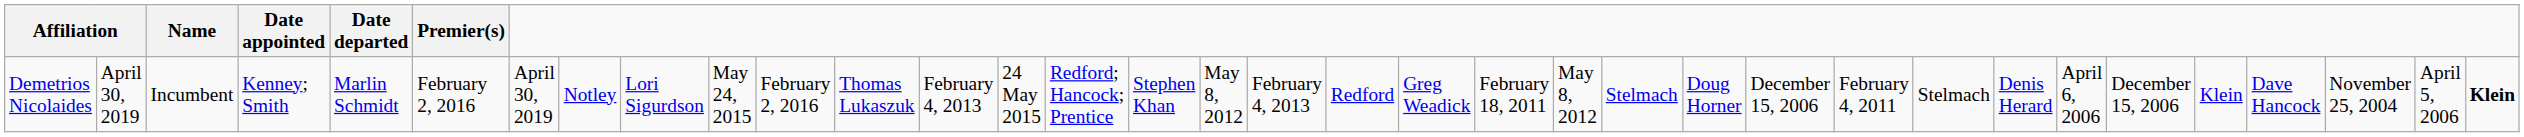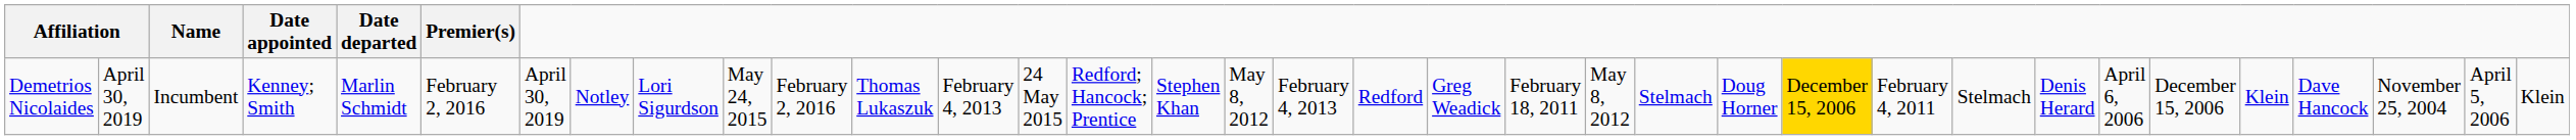 <table class="wikitable">
 <tr>
 <th colspan="2">Affiliation</th>
 <th>Name</th>
 <th>Date appointed</th>
 <th>Date departed</th>
 <th>Premier(s)</th>
 </tr>
 <tr>
 <td><a href='#'>Demetrios Nicolaides</a></td>
 <td>April 30, 2019</td>
 <td>Incumbent</td>
 <td><a href='#'>Kenney</a>; <a href='#'>Smith</a><br></td>
 <td><a href='#'>Marlin Schmidt</a></td>
 <td>February 2, 2016</td>
 <td>April 30, 2019</td>
 <td rowspan=2><a href='#'>Notley</a><br></td>
 <td><a href='#'>Lori Sigurdson</a></td>
 <td>May 24, 2015</td>
 <td>February 2, 2016<br></td>
 <td><a href='#'>Thomas Lukaszuk</a></td>
 <td>February 4, 2013</td>
 <td>24 May 2015</td>
 <td><a href='#'>Redford</a>; <a href='#'>Hancock</a>; <a href='#'>Prentice</a><br></td>
 <td><a href='#'>Stephen Khan</a></td>
 <td>May 8, 2012</td>
 <td>February 4, 2013</td>
 <td><a href='#'>Redford</a><br></td>
 <td><a href='#'>Greg Weadick</a></td>
 <td>February 18, 2011</td>
 <td>May 8, 2012</td>
 <td><a href='#'>Stelmach</a><br></td>
 <td><a href='#'>Doug Horner</a></td>
-<td>December 15, 2006</td>
+<td style="background: gold;">December 15, 2006</td>
 <td>February 4, 2011</td>
 <td>Stelmach<br></td>
 <td><a href='#'>Denis Herard</a></td>
 <td>April 6, 2006</td>
 <td>December 15, 2006</td>
 <td><a href='#'>Klein</a><br></td>
 <td><a href='#'>Dave Hancock</a></td>
 <td>November 25, 2004</td>
 <td>April 5, 2006</td>
-<td><strong>Klein</strong></td>
+<td>Klein</td>
 </tr>
 </table>
